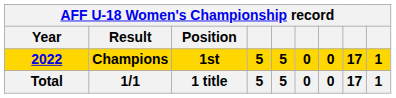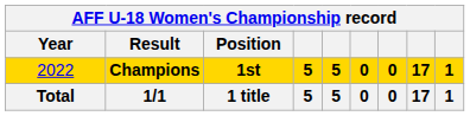 <table class="wikitable" style="text-align: center;">
 <tr>
 <th colspan=9><a href='#'>AFF U-18 Women's Championship</a> record</th>
 </tr>
 <tr>
 <th width="90">Year</th>
 <th width="80">Result</th>
 <th width="80">Position</th>
 <th width="20"></th>
 <th width="20"></th>
 <th width="20"></th>
 <th width="20"></th>
 <th width="20"></th>
 <th width="20"></th>
 </tr>
 <tr bgcolor=gold>
-<td><strong> <a href='#'>2022</a></strong></td>
+<td> <a href='#'>2022</a></td>
 <td><strong>Champions</strong></td>
 <td><strong>1st</strong></td>
 <td><strong>5</strong></td>
 <td><strong>5</strong></td>
 <td><strong>0</strong></td>
 <td><strong>0</strong></td>
 <td><strong>17</strong></td>
 <td><strong>1</strong></td>
 </tr>
 <tr>
 <th>Total</th>
 <th>1/1</th>
 <th>1 title</th>
 <th>5</th>
 <th>5</th>
 <th>0</th>
 <th>0</th>
 <th>17</th>
 <th>1</th>
 </tr>
 </table>
